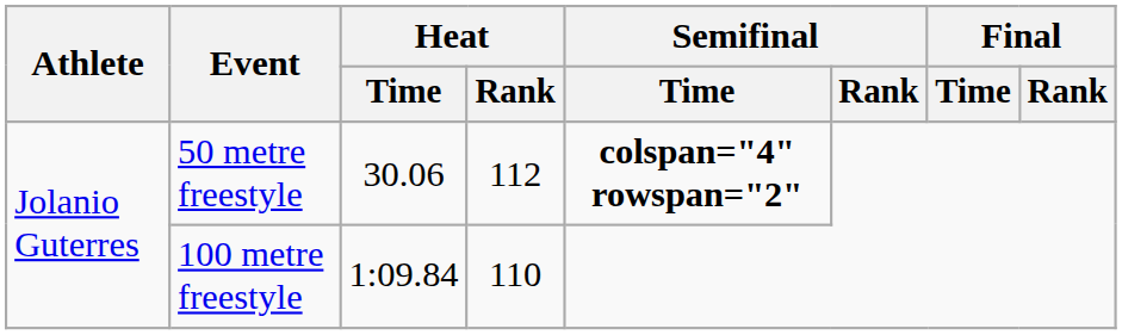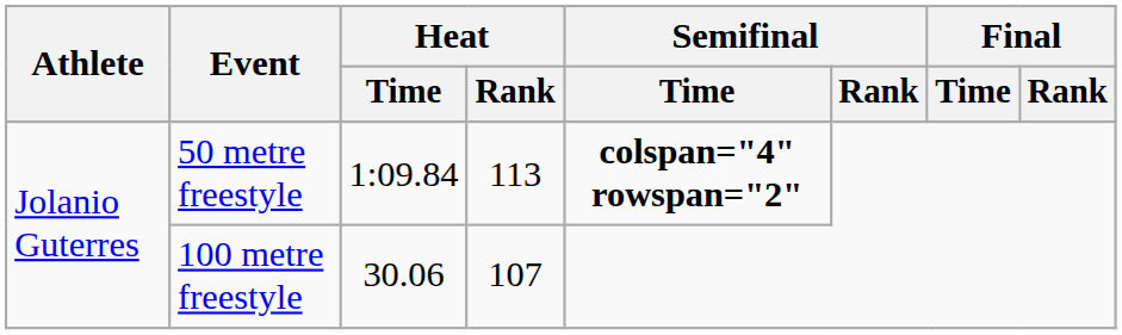 <table class="wikitable" style="text-align:center; font-size:90%; width:50%;">
 <tr>
 <th rowspan="2">Athlete</th>
 <th rowspan="2">Event</th>
 <th colspan="2">Heat</th>
 <th colspan="2">Semifinal</th>
 <th colspan="2">Final</th>
 </tr>
 <tr style="font-size:95%">
 <th>Time</th>
 <th>Rank</th>
 <th>Time</th>
 <th>Rank</th>
 <th>Time</th>
 <th>Rank</th>
 </tr>
 <tr align=center>
 <td align=left rowspan="2"><a href='#'>Jolanio Guterres</a></td>
 <td align=left><a href='#'>50 metre freestyle</a></td>
-<td>30.06</td>
-<td>112</td>
+<td>1:09.84</td>
+<td>113</td>
 <td><strong>colspan="4" rowspan="2"</strong></td>
 </tr>
 <tr align=center>
 <td align=left><a href='#'>100 metre freestyle</a></td>
-<td>1:09.84</td>
-<td>110</td>
+<td>30.06</td>
+<td>107</td>
 </tr>
 </table>
